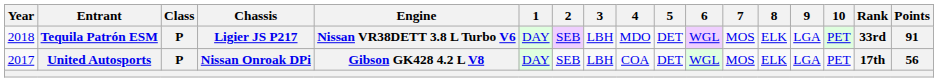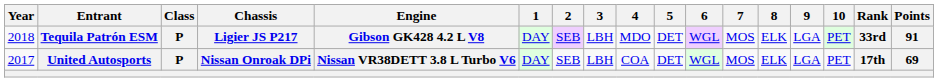 <table class="wikitable" style="text-align:center; font-size:85%">
 <tr>
 <th>Year</th>
 <th>Entrant</th>
 <th>Class</th>
 <th>Chassis</th>
 <th>Engine</th>
 <th>1</th>
 <th>2</th>
 <th>3</th>
 <th>4</th>
 <th>5</th>
 <th>6</th>
 <th>7</th>
 <th>8</th>
 <th>9</th>
 <th>10</th>
 <th>Rank</th>
 <th>Points</th>
 </tr>
 <tr>
 <td><a href='#'>2018</a></td>
 <th nowrap><a href='#'>Tequila Patrón ESM</a></th>
 <th>P</th>
 <th nowrap><a href='#'>Ligier JS P217</a></th>
-<th nowrap><a href='#'>Nissan</a> VR38DETT 3.8 L Turbo <a href='#'>V6</a></th>
+<th nowrap><a href='#'>Gibson</a> GK428 4.2 L <a href='#'>V8</a></th>
 <td style="background:#DFFFDF;"><a href='#'>DAY</a><br></td>
 <td style="background:#EFCFFF;"><a href='#'>SEB</a><br></td>
 <td><a href='#'>LBH</a></td>
 <td><a href='#'>MDO</a></td>
 <td><a href='#'>DET</a></td>
 <td style="background:#EFCFFF;"><a href='#'>WGL</a><br></td>
 <td><a href='#'>MOS</a></td>
 <td><a href='#'>ELK</a></td>
 <td><a href='#'>LGA</a></td>
 <td style="background:#DFFFDF;"><a href='#'>PET</a><br></td>
 <th>33rd</th>
 <th>91</th>
 </tr>
 <tr>
 <td><a href='#'>2017</a></td>
 <th nowrap><a href='#'>United Autosports</a></th>
 <th>P</th>
 <th nowrap><a href='#'>Nissan Onroak DPi</a></th>
-<th nowrap><a href='#'>Gibson</a> GK428 4.2 L <a href='#'>V8</a></th>
+<th nowrap><a href='#'>Nissan</a> VR38DETT 3.8 L Turbo <a href='#'>V6</a></th>
 <td style="background:#DFFFDF;"><a href='#'>DAY</a><br></td>
 <td><a href='#'>SEB</a></td>
 <td><a href='#'>LBH</a></td>
 <td><a href='#'>COA</a></td>
 <td><a href='#'>DET</a></td>
 <td style="background:#DFFFDF;"><a href='#'>WGL</a><br></td>
 <td><a href='#'>MOS</a></td>
 <td><a href='#'>ELK</a></td>
 <td><a href='#'>LGA</a></td>
 <td><a href='#'>PET</a></td>
 <th>17th</th>
-<th>56</th>
+<th>69</th>
 </tr>
 <tr>
 <th colspan="17"></th>
 </tr>
 </table>
